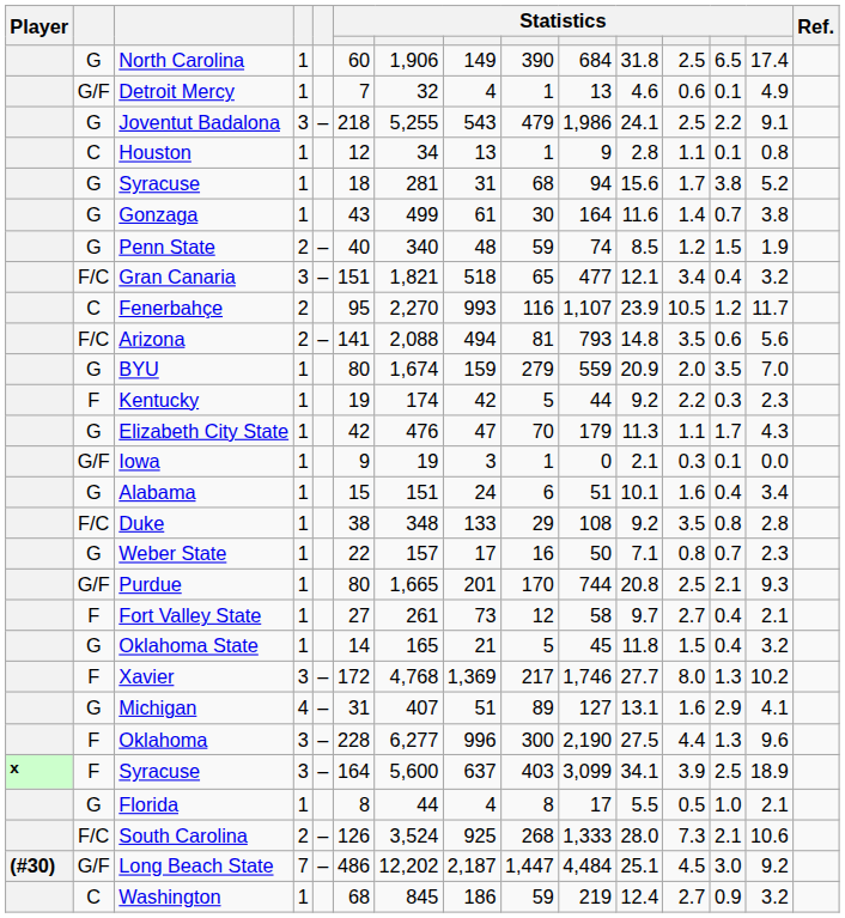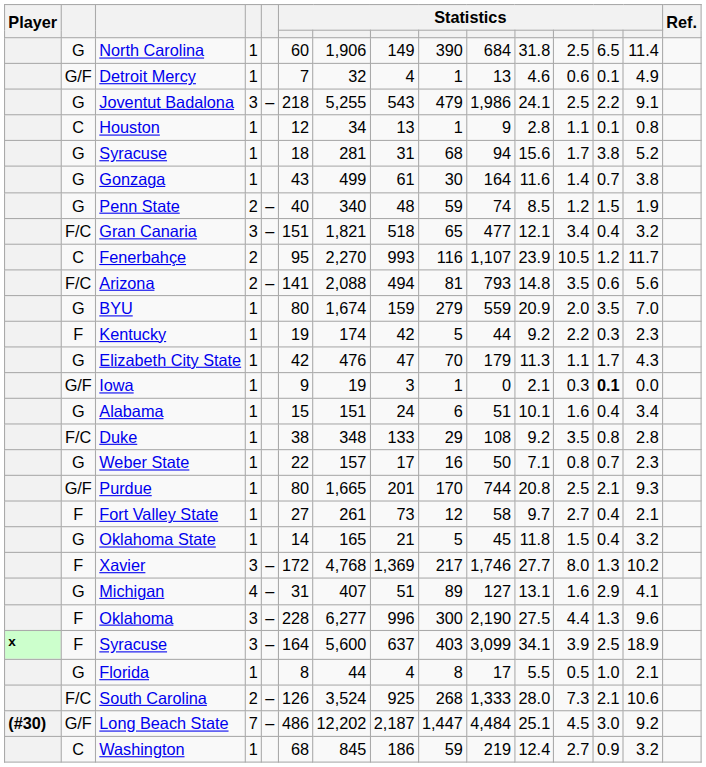 <table class="wikitable sortable" style="font-size:95%; text-align:right;">
 <tr>
 <th scope=col rowspan="2">Player</th>
 <th scope=col rowspan="2"></th>
 <th scope=col rowspan="2"></th>
 <th scope=col rowspan="2"></th>
 <th scope=col rowspan="2"></th>
 <th scope=colgroup colspan="9">Statistics</th>
 <th scope=col rowspan="2">Ref.</th>
 </tr>
 <tr>
 <th scope=col></th>
 <th scope=col></th>
 <th scope=col></th>
 <th scope=col></th>
 <th scope=col></th>
 <th scope=col></th>
 <th scope=col></th>
 <th scope=col></th>
 <th scope=col></th>
 </tr>
 <tr>
 <th scope=row style="text-align:left;"></th>
 <td align="center">G</td>
 <td align="left"><a href='#'>North Carolina</a></td>
 <td align="center">1</td>
 <td align="center"></td>
 <td>60</td>
 <td>1,906</td>
 <td>149</td>
 <td>390</td>
 <td>684</td>
 <td>31.8</td>
 <td>2.5</td>
 <td>6.5</td>
-<td>17.4</td>
+<td>11.4</td>
 <td align=center></td>
 </tr>
 <tr>
 <th scope=row style="text-align:left;"></th>
 <td align="center">G/F</td>
 <td align="left"><a href='#'>Detroit Mercy</a></td>
 <td align="center">1</td>
 <td align="center"></td>
 <td>7</td>
 <td>32</td>
 <td>4</td>
 <td>1</td>
 <td>13</td>
 <td>4.6</td>
 <td>0.6</td>
 <td>0.1</td>
 <td>4.9</td>
 <td align=center></td>
 </tr>
 <tr>
 <th scope=row style="text-align:left;"></th>
 <td align="center">G</td>
 <td align="left"> <a href='#'>Joventut Badalona</a></td>
 <td align="center">3</td>
 <td align="center">–</td>
 <td>218</td>
 <td>5,255</td>
 <td>543</td>
 <td>479</td>
 <td>1,986</td>
 <td>24.1</td>
 <td>2.5</td>
 <td>2.2</td>
 <td>9.1</td>
 <td align=center></td>
 </tr>
 <tr>
 <th scope=row style="text-align:left;"></th>
 <td align="center">C</td>
 <td align="left"><a href='#'>Houston</a></td>
 <td align="center">1</td>
 <td align="center"></td>
 <td>12</td>
 <td>34</td>
 <td>13</td>
 <td>1</td>
 <td>9</td>
 <td>2.8</td>
 <td>1.1</td>
 <td>0.1</td>
 <td>0.8</td>
 <td align=center></td>
 </tr>
 <tr>
 <th scope=row style="text-align:left;"></th>
 <td align="center">G</td>
 <td align="left"><a href='#'>Syracuse</a></td>
 <td align="center">1</td>
 <td align="center"></td>
 <td>18</td>
 <td>281</td>
 <td>31</td>
 <td>68</td>
 <td>94</td>
 <td>15.6</td>
 <td>1.7</td>
 <td>3.8</td>
 <td>5.2</td>
 <td align=center></td>
 </tr>
 <tr>
 <th scope=row style="text-align:left;"></th>
 <td align="center">G</td>
 <td align="left"><a href='#'>Gonzaga</a></td>
 <td align="center">1</td>
 <td align="center"></td>
 <td>43</td>
 <td>499</td>
 <td>61</td>
 <td>30</td>
 <td>164</td>
 <td>11.6</td>
 <td>1.4</td>
 <td>0.7</td>
 <td>3.8</td>
 <td align=center></td>
 </tr>
 <tr>
 <th scope=row style="text-align:left;"></th>
 <td align="center">G</td>
 <td align="left"><a href='#'>Penn State</a></td>
 <td align="center">2</td>
 <td align="center">–</td>
 <td>40</td>
 <td>340</td>
 <td>48</td>
 <td>59</td>
 <td>74</td>
 <td>8.5</td>
 <td>1.2</td>
 <td>1.5</td>
 <td>1.9</td>
 <td align=center></td>
 </tr>
 <tr>
 <th scope=row style="text-align:left;"></th>
 <td align="center">F/C</td>
 <td align="left"> <a href='#'>Gran Canaria</a></td>
 <td align="center">3</td>
 <td align="center">–</td>
 <td>151</td>
 <td>1,821</td>
 <td>518</td>
 <td>65</td>
 <td>477</td>
 <td>12.1</td>
 <td>3.4</td>
 <td>0.4</td>
 <td>3.2</td>
 <td align=center></td>
 </tr>
 <tr>
 <th scope=row style="text-align:left;"></th>
 <td align="center">C</td>
 <td align="left"> <a href='#'>Fenerbahçe</a></td>
 <td align="center">2</td>
 <td align="center"><br></td>
 <td>95</td>
 <td>2,270</td>
 <td>993</td>
 <td>116</td>
 <td>1,107</td>
 <td>23.9</td>
 <td>10.5</td>
 <td>1.2</td>
 <td>11.7</td>
 <td align=center></td>
 </tr>
 <tr>
 <th scope=row style="text-align:left;"></th>
 <td align="center">F/C</td>
 <td align="left"><a href='#'>Arizona</a></td>
 <td align="center">2</td>
 <td align="center">–</td>
 <td>141</td>
 <td>2,088</td>
 <td>494</td>
 <td>81</td>
 <td>793</td>
 <td>14.8</td>
 <td>3.5</td>
 <td>0.6</td>
 <td>5.6</td>
 <td align=center></td>
 </tr>
 <tr>
 <th scope=row style="text-align:left;"></th>
 <td align="center">G</td>
 <td align="left"><a href='#'>BYU</a></td>
 <td align="center">1</td>
 <td align="center"></td>
 <td>80</td>
 <td>1,674</td>
 <td>159</td>
 <td>279</td>
 <td>559</td>
 <td>20.9</td>
 <td>2.0</td>
 <td>3.5</td>
 <td>7.0</td>
 <td align=center></td>
 </tr>
 <tr>
 <th scope=row style="text-align:left;"></th>
 <td align="center">F</td>
 <td align="left"><a href='#'>Kentucky</a></td>
 <td align="center">1</td>
 <td align="center"></td>
 <td>19</td>
 <td>174</td>
 <td>42</td>
 <td>5</td>
 <td>44</td>
 <td>9.2</td>
 <td>2.2</td>
 <td>0.3</td>
 <td>2.3</td>
 <td align=center></td>
 </tr>
 <tr>
 <th scope=row style="text-align:left;"></th>
 <td align="center">G</td>
 <td align="left"><a href='#'>Elizabeth City State</a></td>
 <td align="center">1</td>
 <td align="center"></td>
 <td>42</td>
 <td>476</td>
 <td>47</td>
 <td>70</td>
 <td>179</td>
 <td>11.3</td>
 <td>1.1</td>
 <td>1.7</td>
 <td>4.3</td>
 <td align=center></td>
 </tr>
 <tr>
 <th scope=row style="text-align:left;"></th>
 <td align="center">G/F</td>
 <td align="left"><a href='#'>Iowa</a></td>
 <td align="center">1</td>
 <td align="center"></td>
 <td>9</td>
 <td>19</td>
 <td>3</td>
 <td>1</td>
 <td>0</td>
 <td>2.1</td>
 <td>0.3</td>
-<td>0.1</td>
+<td><strong>0.1</strong></td>
 <td>0.0</td>
 <td align=center></td>
 </tr>
 <tr>
 <th scope=row style="text-align:left;"></th>
 <td align="center">G</td>
 <td align="left"><a href='#'>Alabama</a></td>
 <td align="center">1</td>
 <td align="center"></td>
 <td>15</td>
 <td>151</td>
 <td>24</td>
 <td>6</td>
 <td>51</td>
 <td>10.1</td>
 <td>1.6</td>
 <td>0.4</td>
 <td>3.4</td>
 <td align=center></td>
 </tr>
 <tr>
 <th scope=row style="text-align:left;"></th>
 <td align="center">F/C</td>
 <td align="left"><a href='#'>Duke</a></td>
 <td align="center">1</td>
 <td align="center"></td>
 <td>38</td>
 <td>348</td>
 <td>133</td>
 <td>29</td>
 <td>108</td>
 <td>9.2</td>
 <td>3.5</td>
 <td>0.8</td>
 <td>2.8</td>
 <td align=center></td>
 </tr>
 <tr>
 <th scope=row style="text-align:left;"></th>
 <td align="center">G</td>
 <td align="left"><a href='#'>Weber State</a></td>
 <td align="center">1</td>
 <td align="center"></td>
 <td>22</td>
 <td>157</td>
 <td>17</td>
 <td>16</td>
 <td>50</td>
 <td>7.1</td>
 <td>0.8</td>
 <td>0.7</td>
 <td>2.3</td>
 <td align=center></td>
 </tr>
 <tr>
 <th scope=row style="text-align:left;"></th>
 <td align="center">G/F</td>
 <td align="left"><a href='#'>Purdue</a></td>
 <td align="center">1</td>
 <td align="center"></td>
 <td>80</td>
 <td>1,665</td>
 <td>201</td>
 <td>170</td>
 <td>744</td>
 <td>20.8</td>
 <td>2.5</td>
 <td>2.1</td>
 <td>9.3</td>
 <td align=center></td>
 </tr>
 <tr>
 <th scope=row style="text-align:left;"></th>
 <td align="center">F</td>
 <td align="left"><a href='#'>Fort Valley State</a></td>
 <td align="center">1</td>
 <td align="center"></td>
 <td>27</td>
 <td>261</td>
 <td>73</td>
 <td>12</td>
 <td>58</td>
 <td>9.7</td>
 <td>2.7</td>
 <td>0.4</td>
 <td>2.1</td>
 <td align=center></td>
 </tr>
 <tr>
 <th scope=row style="text-align:left;"></th>
 <td align="center">G</td>
 <td align="left"><a href='#'>Oklahoma State</a></td>
 <td align="center">1</td>
 <td align="center"></td>
 <td>14</td>
 <td>165</td>
 <td>21</td>
 <td>5</td>
 <td>45</td>
 <td>11.8</td>
 <td>1.5</td>
 <td>0.4</td>
 <td>3.2</td>
 <td align=center></td>
 </tr>
 <tr>
 <th scope=row style="text-align:left;"></th>
 <td align="center">F</td>
 <td align="left"><a href='#'>Xavier</a></td>
 <td align="center">3</td>
 <td align="center">–</td>
 <td>172</td>
 <td>4,768</td>
 <td>1,369</td>
 <td>217</td>
 <td>1,746</td>
 <td>27.7</td>
 <td>8.0</td>
 <td>1.3</td>
 <td>10.2</td>
 <td align=center></td>
 </tr>
 <tr>
 <th scope=row style="text-align:left;"></th>
 <td align="center">G</td>
 <td align="left"><a href='#'>Michigan</a></td>
 <td align="center">4</td>
 <td align="center">–</td>
 <td>31</td>
 <td>407</td>
 <td>51</td>
 <td>89</td>
 <td>127</td>
 <td>13.1</td>
 <td>1.6</td>
 <td>2.9</td>
 <td>4.1</td>
 <td align=center></td>
 </tr>
 <tr>
 <th scope=row style="text-align:left;"></th>
 <td align="center">F</td>
 <td align="left"><a href='#'>Oklahoma</a></td>
 <td align="center">3</td>
 <td align="center">–</td>
 <td>228</td>
 <td>6,277</td>
 <td>996</td>
 <td>300</td>
 <td>2,190</td>
 <td>27.5</td>
 <td>4.4</td>
 <td>1.3</td>
 <td>9.6</td>
 <td align=center></td>
 </tr>
 <tr>
 <th scope=row style="text-align:left; background-color:#CCFFCC;"><sup>x</sup></th>
 <td align="center">F</td>
 <td align="left"><a href='#'>Syracuse</a></td>
 <td align="center">3</td>
 <td align="center">–</td>
 <td>164</td>
 <td>5,600</td>
 <td>637</td>
 <td>403</td>
 <td>3,099</td>
 <td>34.1</td>
 <td>3.9</td>
 <td>2.5</td>
 <td>18.9</td>
 <td align=center></td>
 </tr>
 <tr>
 <th scope=row style="text-align:left;"></th>
 <td align="center">G</td>
 <td align="left"><a href='#'>Florida</a></td>
 <td align="center">1</td>
 <td align="center"></td>
 <td>8</td>
 <td>44</td>
 <td>4</td>
 <td>8</td>
 <td>17</td>
 <td>5.5</td>
 <td>0.5</td>
 <td>1.0</td>
 <td>2.1</td>
 <td align=center></td>
 </tr>
 <tr>
 <th scope=row style="text-align:left;"></th>
 <td align="center">F/C</td>
 <td align="left"><a href='#'>South Carolina</a></td>
 <td align="center">2</td>
 <td align="center">–</td>
 <td>126</td>
 <td>3,524</td>
 <td>925</td>
 <td>268</td>
 <td>1,333</td>
 <td>28.0</td>
 <td>7.3</td>
 <td>2.1</td>
 <td>10.6</td>
 <td align=center></td>
 </tr>
 <tr>
 <th scope=row style="text-align:left;"> (#30)</th>
 <td align="center">G/F</td>
 <td align="left"><a href='#'>Long Beach State</a></td>
 <td align="center">7</td>
 <td align="center">–</td>
 <td>486</td>
 <td>12,202</td>
 <td>2,187</td>
 <td>1,447</td>
 <td>4,484</td>
 <td>25.1</td>
 <td>4.5</td>
 <td>3.0</td>
 <td>9.2</td>
 <td align=center></td>
 </tr>
 <tr>
 <th scope=row style="text-align:left;"></th>
 <td align="center">C</td>
 <td align="left"><a href='#'>Washington</a></td>
 <td align="center">1</td>
 <td align="center"></td>
 <td>68</td>
 <td>845</td>
 <td>186</td>
 <td>59</td>
 <td>219</td>
 <td>12.4</td>
 <td>2.7</td>
 <td>0.9</td>
 <td>3.2</td>
 <td align=center></td>
 </tr>
 </table>
